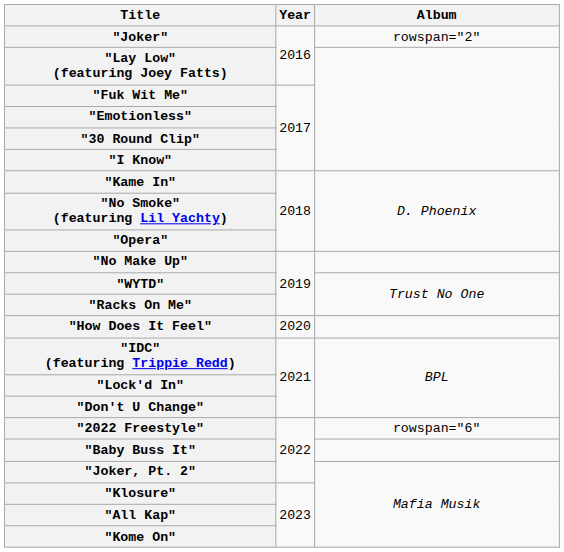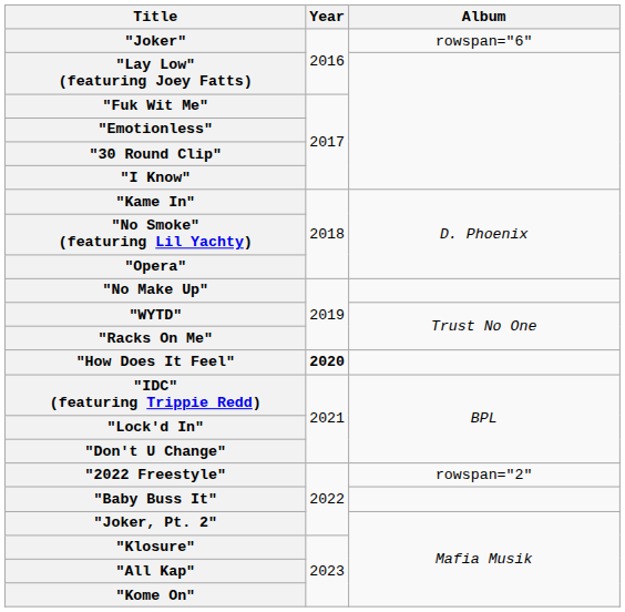 <table class="wikitable plainrowheaders" style="text-align:center;" border="1">
 <tr>
 <th scope="col" style="width:20em;">Title</th>
 <th scope="col">Year</th>
 <th scope="col" style="width:18em;">Album</th>
 </tr>
 <tr>
 <th scope="row">"Joker"</th>
 <td rowspan="2">2016</td>
-<td>rowspan="2" </td>
+<td>rowspan="6" </td>
 </tr>
 <tr>
 <th scope="row">"Lay Low"<br><span>(featuring Joey Fatts)</span></th>
 </tr>
 <tr>
 <th scope="row">"Fuk Wit Me"</th>
 <td rowspan="4">2017</td>
 </tr>
 <tr>
 <th scope="row">"Emotionless"</th>
 </tr>
 <tr>
 <th scope="row">"30 Round Clip"</th>
 </tr>
 <tr>
 <th scope="row">"I Know"</th>
 </tr>
 <tr>
 <th scope="row">"Kame In"</th>
 <td rowspan="3">2018</td>
 <td rowspan="3"><em>D. Phoenix</em></td>
 </tr>
 <tr>
 <th scope="row">"No Smoke"<br><span>(featuring <a href='#'>Lil Yachty</a>)</span></th>
 </tr>
 <tr>
 <th scope="row">"Opera"</th>
 </tr>
 <tr>
 <th scope="row">"No Make Up"</th>
 <td rowspan="3">2019</td>
 <td></td>
 </tr>
 <tr>
 <th scope="row">"WYTD"</th>
 <td rowspan="2"><em>Trust No One</em></td>
 </tr>
 <tr>
 <th scope="row">"Racks On Me"</th>
 </tr>
 <tr>
 <th scope="row">"How Does It Feel"</th>
-<td>2020</td>
+<td><strong>2020</strong></td>
 <td></td>
 </tr>
 <tr>
 <th scope="row">"IDC"<br><span>(featuring <a href='#'>Trippie Redd</a>)</span></th>
 <td rowspan="3">2021</td>
 <td rowspan="3"><em>BPL</em></td>
 </tr>
 <tr>
 <th scope="row">"Lock'd In"</th>
 </tr>
 <tr>
 <th scope="row">"Don't U Change"</th>
 </tr>
 <tr>
 <th scope="row">"2022 Freestyle"</th>
 <td rowspan="3">2022</td>
-<td>rowspan="6" </td>
+<td>rowspan="2" </td>
 </tr>
 <tr>
 <th scope="row">"Baby Buss It"</th>
 </tr>
 <tr>
 <th scope="row">"Joker, Pt. 2"</th>
 <td rowspan="4"><em>Mafia Musik</em></td>
 </tr>
 <tr>
 <th scope="row">"Klosure"</th>
 <td rowspan="3">2023</td>
 </tr>
 <tr>
 <th scope="row">"All Kap"</th>
 </tr>
 <tr>
 <th scope="row">"Kome On"</th>
 </tr>
 </table>
